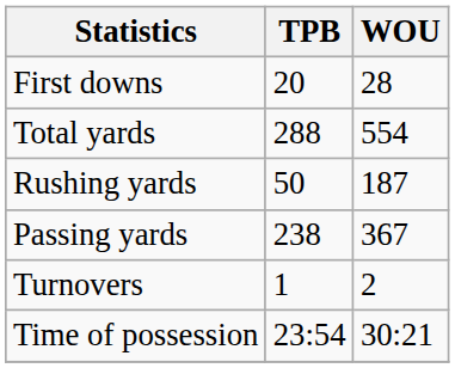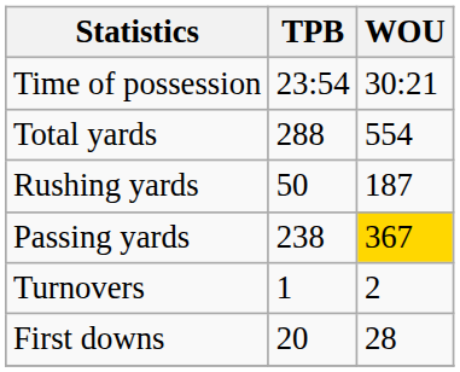 <table class="wikitable" style="float: left;">
 <tr>
 <th>Statistics</th>
 <th>TPB</th>
 <th>WOU</th>
 </tr>
 <tr>
-<td>First downs</td>
-<td>20</td>
-<td>28</td>
+<td>Time of possession</td>
+<td>23:54</td>
+<td>30:21</td>
 </tr>
 <tr>
 <td>Total yards</td>
 <td>288</td>
 <td>554</td>
 </tr>
 <tr>
 <td>Rushing yards</td>
 <td>50</td>
 <td>187</td>
 </tr>
 <tr>
 <td>Passing yards</td>
 <td>238</td>
-<td>367</td>
+<td style="background: gold;">367</td>
 </tr>
 <tr>
 <td>Turnovers</td>
 <td>1</td>
 <td>2</td>
 </tr>
 <tr>
-<td>Time of possession</td>
-<td>23:54</td>
-<td>30:21</td>
+<td>First downs</td>
+<td>20</td>
+<td>28</td>
 </tr>
 <tr>
 </tr>
 </table>
